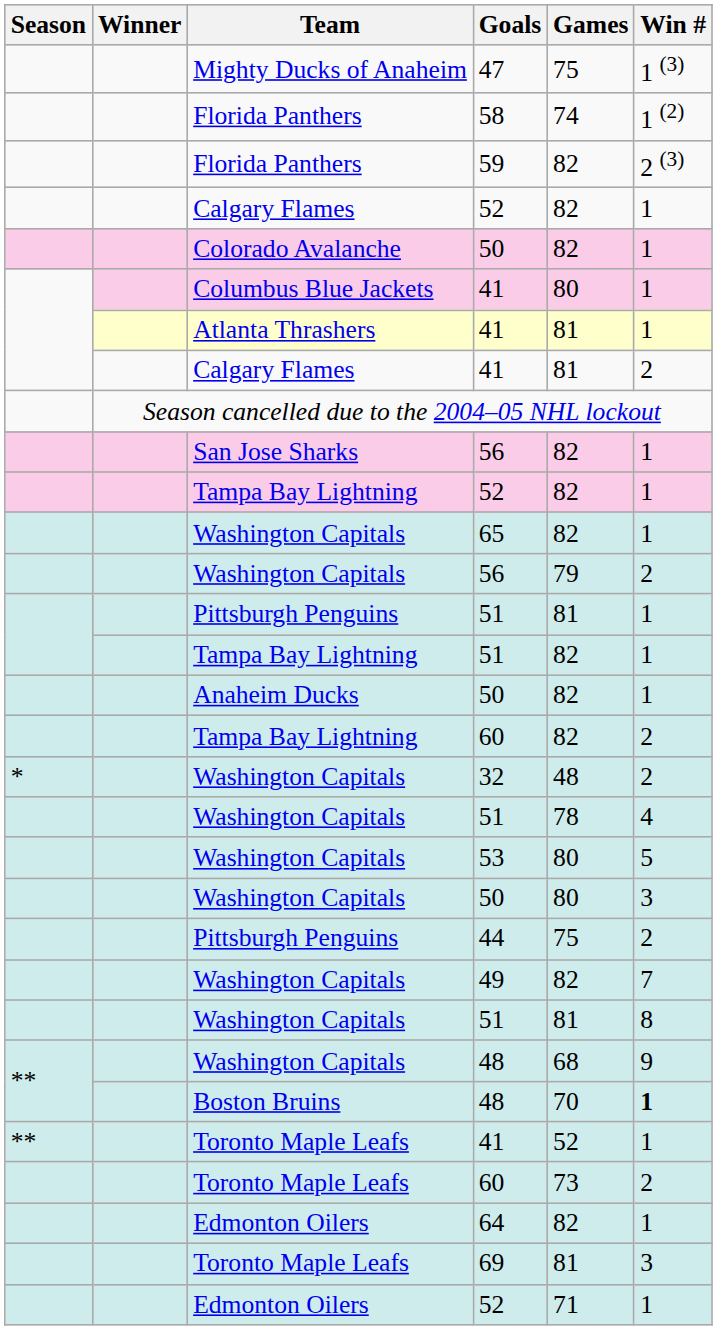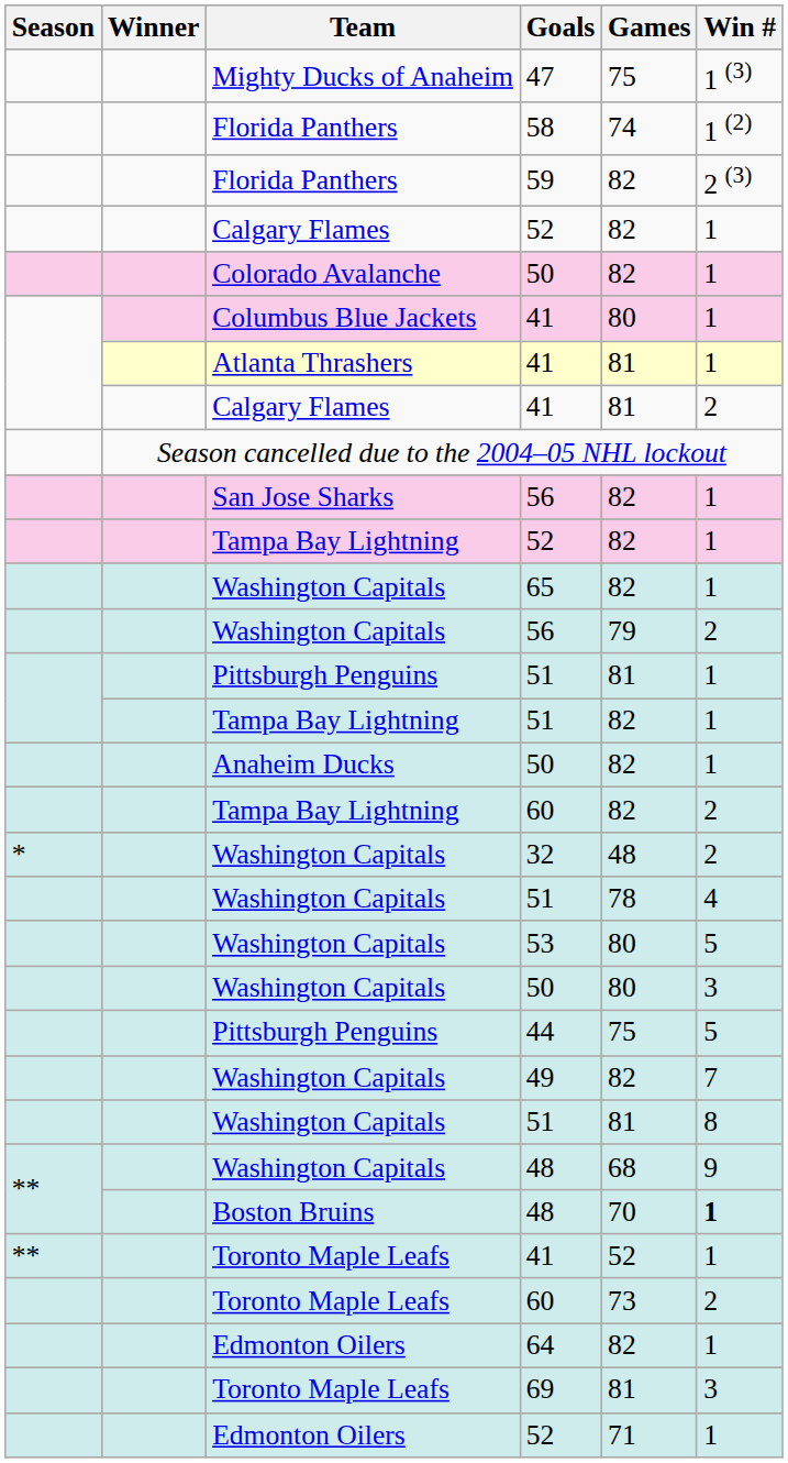 <table class="wikitable sortable">
 <tr>
 <th>Season</th>
 <th>Winner</th>
 <th>Team</th>
 <th>Goals</th>
 <th>Games</th>
 <th>Win #</th>
 </tr>
 <tr>
 <td></td>
 <td></td>
 <td><a href='#'>Mighty Ducks of Anaheim</a></td>
 <td>47</td>
 <td>75</td>
 <td>1 <sup>(3)</sup></td>
 </tr>
 <tr>
 <td></td>
 <td></td>
 <td><a href='#'>Florida Panthers</a></td>
 <td>58</td>
 <td>74</td>
 <td>1 <sup>(2)</sup></td>
 </tr>
 <tr>
 <td></td>
 <td></td>
 <td><a href='#'>Florida Panthers</a></td>
 <td>59</td>
 <td>82</td>
 <td>2 <sup>(3)</sup></td>
 </tr>
 <tr>
 <td></td>
 <td></td>
 <td><a href='#'>Calgary Flames</a></td>
 <td>52</td>
 <td>82</td>
 <td>1</td>
 </tr>
 <tr bgcolor="#fbcce7">
 <td></td>
 <td></td>
 <td><a href='#'>Colorado Avalanche</a></td>
 <td>50</td>
 <td>82</td>
 <td>1</td>
 </tr>
 <tr>
 <td rowspan=3></td>
 <td bgcolor="#FBCCE7"></td>
 <td bgcolor="#FBCCE7"><a href='#'>Columbus Blue Jackets</a></td>
 <td bgcolor="#FBCCE7">41</td>
 <td bgcolor="#FBCCE7">80</td>
 <td bgcolor="#FBCCE7">1</td>
 </tr>
 <tr bgcolor="#FFFFCC">
 <td></td>
 <td><a href='#'>Atlanta Thrashers</a></td>
 <td>41</td>
 <td>81</td>
 <td>1</td>
 </tr>
 <tr>
 <td></td>
 <td><a href='#'>Calgary Flames</a></td>
 <td>41</td>
 <td>81</td>
 <td>2</td>
 </tr>
 <tr>
 <td></td>
 <td colspan="5" align="center"><em>Season cancelled due to the <a href='#'>2004–05 NHL lockout</a></em></td>
 </tr>
 <tr bgcolor="#FBCCE7">
 <td></td>
 <td></td>
 <td><a href='#'>San Jose Sharks</a></td>
 <td>56</td>
 <td>82</td>
 <td>1</td>
 </tr>
 <tr bgcolor="#FBCCE7">
 <td></td>
 <td></td>
 <td><a href='#'>Tampa Bay Lightning</a></td>
 <td>52</td>
 <td>82</td>
 <td>1</td>
 </tr>
 <tr bgcolor="#CFECEC">
 <td></td>
 <td></td>
 <td><a href='#'>Washington Capitals</a></td>
 <td>65</td>
 <td>82</td>
 <td>1</td>
 </tr>
 <tr bgcolor="#CFECEC">
 <td></td>
 <td></td>
 <td><a href='#'>Washington Capitals</a></td>
 <td>56</td>
 <td>79</td>
 <td>2</td>
 </tr>
 <tr bgcolor="#CFECEC">
 <td rowspan=2></td>
 <td></td>
 <td><a href='#'>Pittsburgh Penguins</a></td>
 <td>51</td>
 <td>81</td>
 <td>1</td>
 </tr>
 <tr bgcolor="#CFECEC">
 <td></td>
 <td><a href='#'>Tampa Bay Lightning</a></td>
 <td>51</td>
 <td>82</td>
 <td>1</td>
 </tr>
 <tr bgcolor="#CFECEC">
 <td></td>
 <td></td>
 <td><a href='#'>Anaheim Ducks</a></td>
 <td>50</td>
 <td>82</td>
 <td>1</td>
 </tr>
 <tr bgcolor="#CFECEC">
 <td></td>
 <td></td>
 <td><a href='#'>Tampa Bay Lightning</a></td>
 <td>60</td>
 <td>82</td>
 <td>2</td>
 </tr>
 <tr bgcolor="#CFECEC">
 <td>*</td>
 <td></td>
 <td><a href='#'>Washington Capitals</a></td>
 <td>32</td>
 <td>48</td>
 <td>2</td>
 </tr>
 <tr bgcolor="#CFECEC">
 <td></td>
 <td></td>
 <td><a href='#'>Washington Capitals</a></td>
 <td>51</td>
 <td>78</td>
 <td>4</td>
 </tr>
 <tr bgcolor="#CFECEC">
 <td></td>
 <td></td>
 <td><a href='#'>Washington Capitals</a></td>
 <td>53</td>
 <td>80</td>
 <td>5</td>
 </tr>
 <tr bgcolor="#CFECEC">
 <td></td>
 <td></td>
 <td><a href='#'>Washington Capitals</a></td>
 <td>50</td>
 <td>80</td>
 <td>3</td>
 </tr>
 <tr bgcolor="#CFECEC">
 <td></td>
 <td></td>
 <td><a href='#'>Pittsburgh Penguins</a></td>
 <td>44</td>
 <td>75</td>
-<td>2</td>
+<td>5</td>
 </tr>
 <tr bgcolor="#CFECEC">
 <td></td>
 <td></td>
 <td><a href='#'>Washington Capitals</a></td>
 <td>49</td>
 <td>82</td>
 <td>7</td>
 </tr>
 <tr bgcolor="#CFECEC">
 <td></td>
 <td></td>
 <td><a href='#'>Washington Capitals</a></td>
 <td>51</td>
 <td>81</td>
 <td>8</td>
 </tr>
 <tr bgcolor="#CFECEC">
 <td rowspan=2>**</td>
 <td></td>
 <td><a href='#'>Washington Capitals</a></td>
 <td>48</td>
 <td>68</td>
 <td>9</td>
 </tr>
 <tr bgcolor="#CFECEC">
 <td></td>
 <td><a href='#'>Boston Bruins</a></td>
 <td>48</td>
 <td>70</td>
 <td><strong>1</strong></td>
 </tr>
 <tr bgcolor="#CFECEC">
 <td>**</td>
 <td></td>
 <td><a href='#'>Toronto Maple Leafs</a></td>
 <td>41</td>
 <td>52</td>
 <td>1</td>
 </tr>
 <tr bgcolor="#CFECEC">
 <td></td>
 <td></td>
 <td><a href='#'>Toronto Maple Leafs</a></td>
 <td>60</td>
 <td>73</td>
 <td>2</td>
 </tr>
 <tr bgcolor="#CFECEC">
 <td></td>
 <td></td>
 <td><a href='#'>Edmonton Oilers</a></td>
 <td>64</td>
 <td>82</td>
 <td>1</td>
 </tr>
 <tr bgcolor="#CFECEC">
 <td></td>
 <td></td>
 <td><a href='#'>Toronto Maple Leafs</a></td>
 <td>69</td>
 <td>81</td>
 <td>3</td>
 </tr>
 <tr bgcolor="#CFECEC">
 <td></td>
 <td></td>
 <td><a href='#'>Edmonton Oilers</a></td>
 <td>52</td>
 <td>71</td>
 <td>1</td>
 </tr>
 </table>
